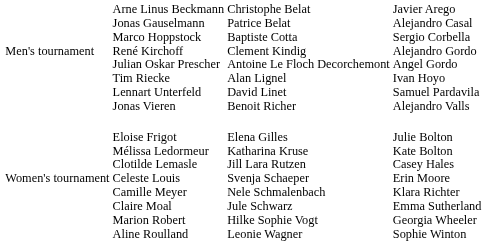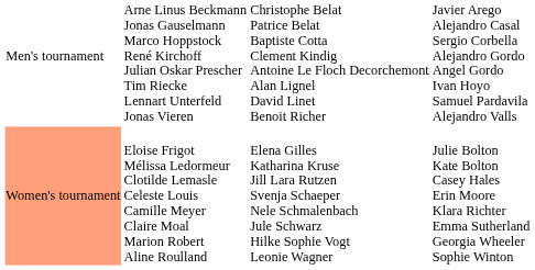 <table>
 <tr>
 <td>Men's tournament</td>
 <td nowrap><br>Arne Linus Beckmann<br>Jonas Gauselmann<br>Marco Hoppstock<br>René Kirchoff<br>Julian Oskar Prescher<br>Tim Riecke<br>Lennart Unterfeld<br>Jonas Vieren</td>
 <td nowrap><br>Christophe Belat<br>Patrice Belat<br>Baptiste Cotta<br>Clement Kindig<br>Antoine Le Floch Decorchemont<br>Alan Lignel<br>David Linet<br>Benoit Richer</td>
 <td nowrap><br>Javier Arego<br>Alejandro Casal<br>Sergio Corbella<br>Alejandro Gordo<br>Angel Gordo<br>Ivan Hoyo<br>Samuel Pardavila<br>Alejandro Valls</td>
 </tr>
 <tr>
-<td nowrap>Women's tournament</td>
+<td nowrap style="background: lightsalmon;">Women's tournament</td>
 <td><br>Eloise Frigot<br>Mélissa Ledormeur<br>Clotilde Lemasle<br>Celeste Louis<br>Camille Meyer<br>Claire Moal<br>Marion Robert<br>Aline Roulland</td>
 <td><br>Elena Gilles<br>Katharina Kruse<br>Jill Lara Rutzen<br>Svenja Schaeper<br>Nele Schmalenbach<br>Jule Schwarz<br>Hilke Sophie Vogt<br>Leonie Wagner</td>
 <td nowrap><br>Julie Bolton<br>Kate Bolton<br>Casey Hales<br>Erin Moore<br>Klara Richter<br>Emma Sutherland<br>Georgia Wheeler<br>Sophie Winton</td>
 </tr>
 </table>
